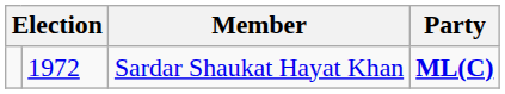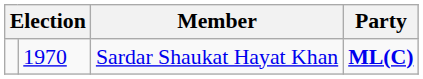 <table class="wikitable">
 <tr>
 <th colspan="2">Election</th>
 <th>Member</th>
 <th>Party</th>
 </tr>
 <tr>
 <td style="background-color: "></td>
-<td><a href='#'>1972</a></td>
+<td><a href='#'>1970</a></td>
 <td><a href='#'>Sardar Shaukat Hayat Khan</a></td>
 <td><strong><a href='#'>ML(C)</a></strong></td>
 </tr>
 </table>
